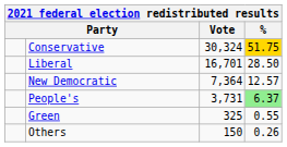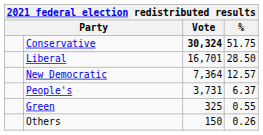 <table class="wikitable">
 <tr>
 <th colspan="4"><a href='#'>2021 federal election</a> redistributed results</th>
 </tr>
 <tr>
 <th bgcolor="#DDDDFF" width="130px" colspan="2">Party</th>
 <th bgcolor="#DDDDFF" width="50px">Vote</th>
 <th bgcolor="#DDDDFF" width="30px">%</th>
 </tr>
 <tr>
 <td> </td>
 <td><a href='#'>Conservative</a></td>
-<td align=right>30,324</td>
-<td align=right style="background: gold;">51.75</td>
+<td align=right><strong>30,324</strong></td>
+<td align=right>51.75</td>
 </tr>
 <tr>
 <td> </td>
 <td><a href='#'>Liberal</a></td>
 <td align=right>16,701</td>
 <td align=right>28.50</td>
 </tr>
 <tr>
 <td> </td>
 <td><a href='#'>New Democratic</a></td>
 <td align=right>7,364</td>
 <td align=right>12.57</td>
 </tr>
 <tr>
 <td> </td>
 <td><a href='#'>People's</a></td>
 <td align=right>3,731</td>
-<td align=right style="background: lightgreen;">6.37</td>
+<td align=right>6.37</td>
 </tr>
 <tr>
 <td> </td>
 <td><a href='#'>Green</a></td>
 <td align=right>325</td>
 <td align=right>0.55</td>
 </tr>
 <tr>
 <td> </td>
 <td>Others</td>
 <td align=right>150</td>
 <td align=right>0.26</td>
 </tr>
 </table>
